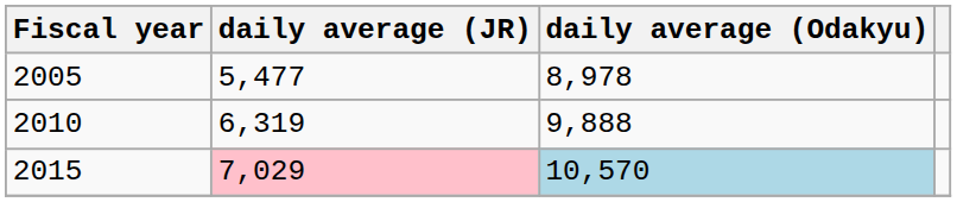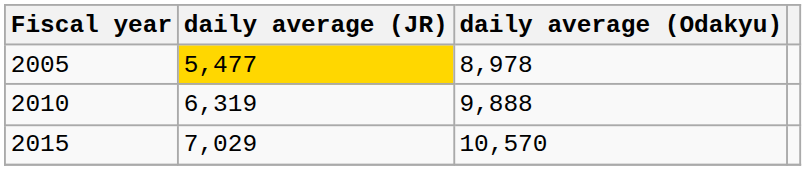 <table class="wikitable">
 <tr>
 <th>Fiscal year</th>
 <th>daily average (JR)</th>
 <th>daily average (Odakyu)</th>
 <th></th>
 </tr>
 <tr>
 <td>2005</td>
-<td>5,477</td>
+<td style="background: gold;">5,477</td>
 <td>8,978</td>
 <td></td>
 </tr>
 <tr>
 <td>2010</td>
 <td>6,319</td>
 <td>9,888</td>
 <td></td>
 </tr>
 <tr>
 <td>2015</td>
-<td style="background: pink;">7,029</td>
-<td style="background: lightblue;">10,570</td>
+<td>7,029</td>
+<td>10,570</td>
 <td></td>
 </tr>
 <tr>
 </tr>
 </table>
